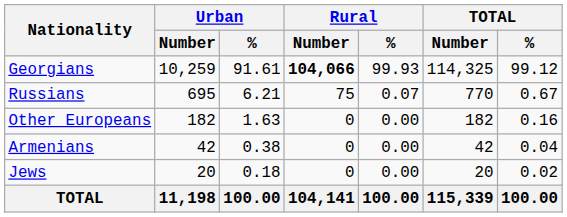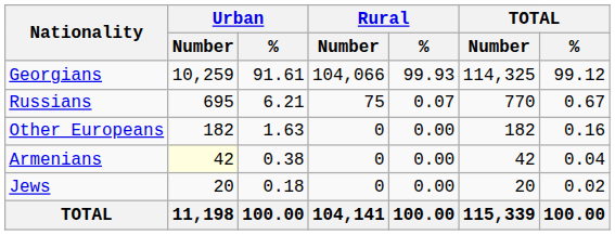 <table class="wikitable sortable">
 <tr>
 <th rowspan="2">Nationality</th>
 <th colspan="2"><a href='#'>Urban</a></th>
 <th colspan="2"><a href='#'>Rural</a></th>
 <th colspan="2">TOTAL</th>
 </tr>
 <tr>
 <th>Number</th>
 <th>%</th>
 <th>Number</th>
 <th>%</th>
 <th>Number</th>
 <th>%</th>
 </tr>
 <tr>
 <td><a href='#'>Georgians</a></td>
 <td align="right">10,259</td>
 <td align="right">91.61</td>
-<td align="right"><strong>104,066</strong></td>
+<td align="right">104,066</td>
 <td align="right">99.93</td>
 <td align="right">114,325</td>
 <td align="right">99.12</td>
 </tr>
 <tr>
 <td><a href='#'>Russians</a></td>
 <td align="right">695</td>
 <td align="right">6.21</td>
 <td align="right">75</td>
 <td align="right">0.07</td>
 <td align="right">770</td>
 <td align="right">0.67</td>
 </tr>
 <tr>
 <td><a href='#'>Other Europeans</a></td>
 <td align="right">182</td>
 <td align="right">1.63</td>
 <td align="right">0</td>
 <td align="right">0.00</td>
 <td align="right">182</td>
 <td align="right">0.16</td>
 </tr>
 <tr>
 <td><a href='#'>Armenians</a></td>
-<td align="right">42</td>
+<td align="right" style="background: lightyellow;">42</td>
 <td align="right">0.38</td>
 <td align="right">0</td>
 <td align="right">0.00</td>
 <td align="right">42</td>
 <td align="right">0.04</td>
 </tr>
 <tr>
 <td><a href='#'>Jews</a></td>
 <td align="right">20</td>
 <td align="right">0.18</td>
 <td align="right">0</td>
 <td align="right">0.00</td>
 <td align="right">20</td>
 <td align="right">0.02</td>
 </tr>
 <tr>
 <th>TOTAL</th>
 <th>11,198</th>
 <th>100.00</th>
 <th>104,141</th>
 <th>100.00</th>
 <th>115,339</th>
 <th>100.00</th>
 </tr>
 </table>
